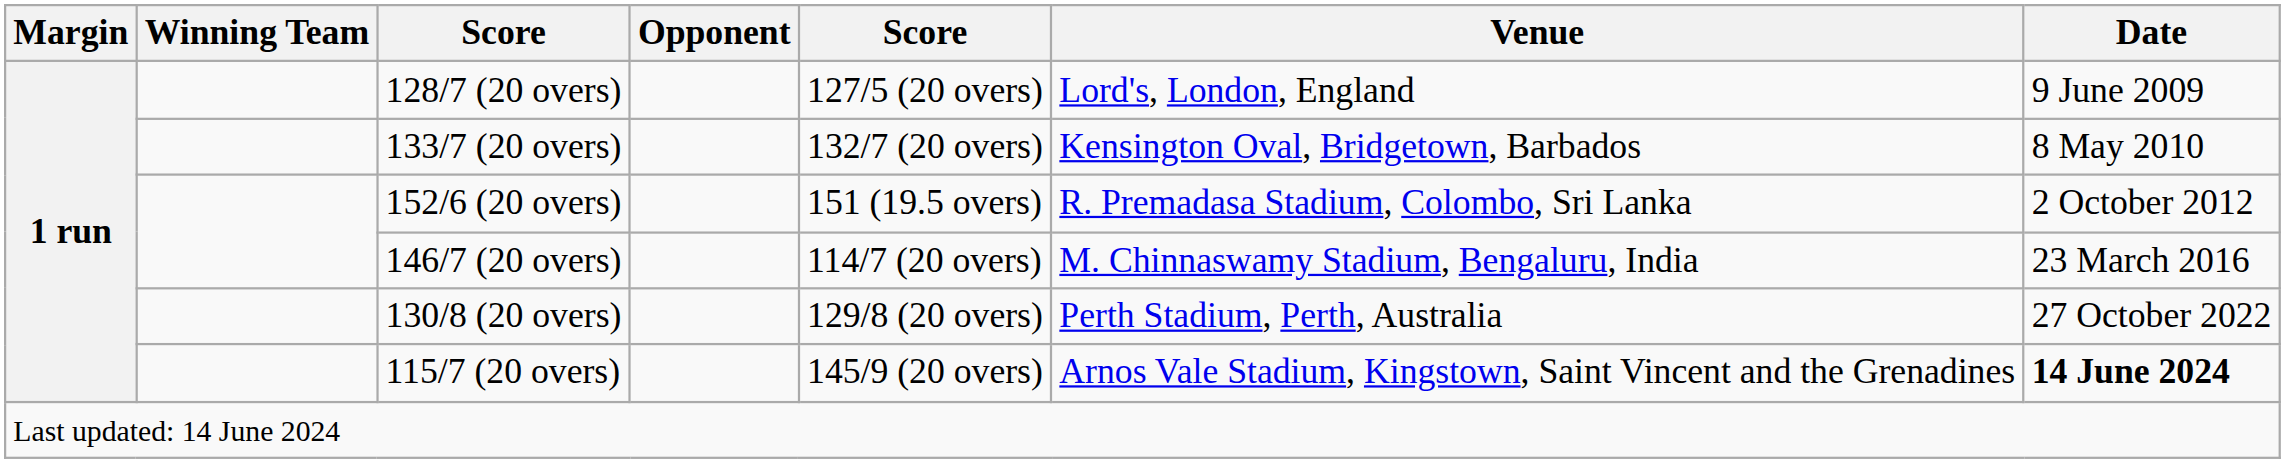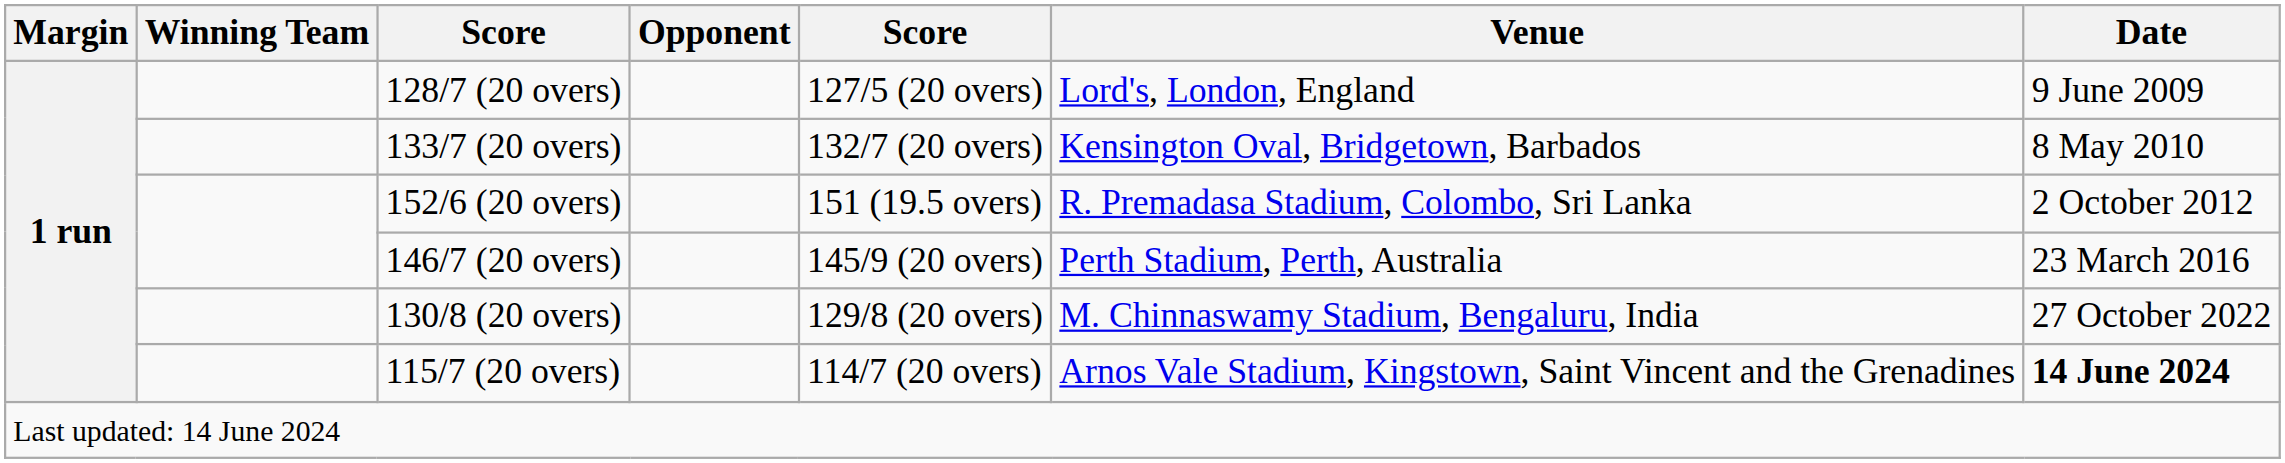 <table class="wikitable sortable" style="text-align:left;">
 <tr>
 <th>Margin</th>
 <th>Winning Team</th>
 <th>Score</th>
 <th>Opponent</th>
 <th>Score</th>
 <th>Venue</th>
 <th>Date</th>
 </tr>
 <tr>
 <th rowspan="6">1 run</th>
 <td></td>
 <td>128/7 (20 overs)</td>
 <td></td>
 <td>127/5 (20 overs)</td>
 <td><a href='#'>Lord's</a>, <a href='#'>London</a>, England</td>
 <td>9 June 2009</td>
 </tr>
 <tr>
 <td></td>
 <td>133/7 (20 overs)</td>
 <td></td>
 <td>132/7 (20 overs)</td>
 <td><a href='#'>Kensington Oval</a>, <a href='#'>Bridgetown</a>, Barbados</td>
 <td>8 May 2010</td>
 </tr>
 <tr>
 <td rowspan=2></td>
 <td>152/6 (20 overs)</td>
 <td></td>
 <td>151 (19.5 overs)</td>
 <td><a href='#'>R. Premadasa Stadium</a>, <a href='#'>Colombo</a>, Sri Lanka</td>
 <td>2 October 2012</td>
 </tr>
 <tr>
 <td>146/7 (20 overs)</td>
 <td></td>
-<td>114/7 (20 overs)</td>
-<td><a href='#'>M. Chinnaswamy Stadium</a>, <a href='#'>Bengaluru</a>, India</td>
+<td>145/9 (20 overs)</td>
+<td><a href='#'>Perth Stadium</a>, <a href='#'>Perth</a>, Australia</td>
 <td>23 March 2016</td>
 </tr>
 <tr>
 <td></td>
 <td>130/8 (20 overs)</td>
 <td></td>
 <td>129/8 (20 overs)</td>
-<td><a href='#'>Perth Stadium</a>, <a href='#'>Perth</a>, Australia</td>
+<td><a href='#'>M. Chinnaswamy Stadium</a>, <a href='#'>Bengaluru</a>, India</td>
 <td>27 October 2022</td>
 </tr>
 <tr>
 <td></td>
 <td>115/7 (20 overs)</td>
 <td></td>
-<td>145/9 (20 overs)</td>
+<td>114/7 (20 overs)</td>
 <td><a href='#'>Arnos Vale Stadium</a>, <a href='#'>Kingstown</a>, Saint Vincent and the Grenadines</td>
 <td><strong>14 June 2024</strong></td>
 </tr>
 <tr>
 <td colspan="7"><small>Last updated: 14 June 2024</small></td>
 </tr>
 </table>
